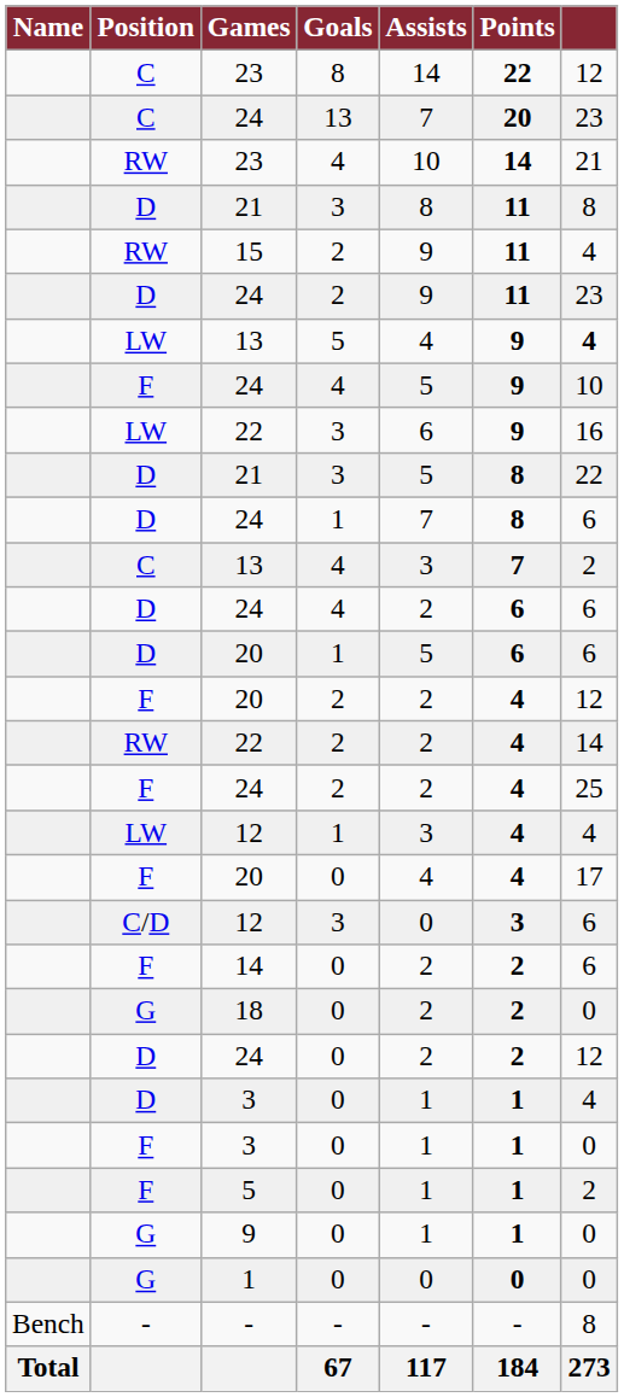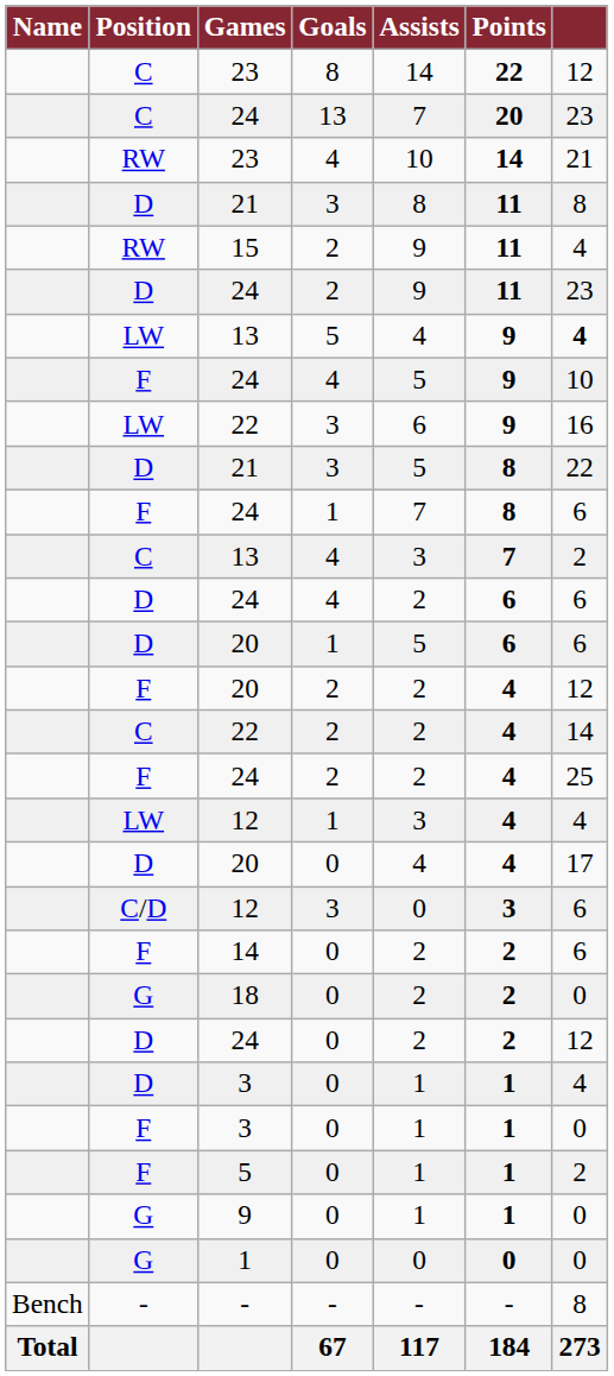 <table class="wikitable sortable" width ="50%">
 <tr align="center">
 <th style="color:white; background:#862633; ">Name</th>
 <th style="color:white; background:#862633; ">Position</th>
 <th style="color:white; background:#862633; ">Games</th>
 <th style="color:white; background:#862633; ">Goals</th>
 <th style="color:white; background:#862633; ">Assists</th>
 <th style="color:white; background:#862633; ">Points</th>
 <th style="color:white; background:#862633; "><a href='#'></a></th>
 </tr>
 <tr align="center" bgcolor="">
 <td></td>
 <td><a href='#'>C</a></td>
 <td>23</td>
 <td>8</td>
 <td>14</td>
 <td><strong>22</strong></td>
 <td>12</td>
 </tr>
 <tr align="center" bgcolor="f0f0f0">
 <td></td>
 <td><a href='#'>C</a></td>
 <td>24</td>
 <td>13</td>
 <td>7</td>
 <td><strong>20</strong></td>
 <td>23</td>
 </tr>
 <tr align="center" bgcolor="">
 <td></td>
 <td><a href='#'>RW</a></td>
 <td>23</td>
 <td>4</td>
 <td>10</td>
 <td><strong>14</strong></td>
 <td>21</td>
 </tr>
 <tr align="center" bgcolor="f0f0f0">
 <td></td>
 <td><a href='#'>D</a></td>
 <td>21</td>
 <td>3</td>
 <td>8</td>
 <td><strong>11</strong></td>
 <td>8</td>
 </tr>
 <tr align="center" bgcolor="">
 <td></td>
 <td><a href='#'>RW</a></td>
 <td>15</td>
 <td>2</td>
 <td>9</td>
 <td><strong>11</strong></td>
 <td>4</td>
 </tr>
 <tr align="center" bgcolor="f0f0f0">
 <td></td>
 <td><a href='#'>D</a></td>
 <td>24</td>
 <td>2</td>
 <td>9</td>
 <td><strong>11</strong></td>
 <td>23</td>
 </tr>
 <tr align="center" bgcolor="">
 <td></td>
 <td><a href='#'>LW</a></td>
 <td>13</td>
 <td>5</td>
 <td>4</td>
 <td><strong>9</strong></td>
 <td><strong>4</strong></td>
 </tr>
 <tr align="center" bgcolor="f0f0f0">
 <td></td>
 <td><a href='#'>F</a></td>
 <td>24</td>
 <td>4</td>
 <td>5</td>
 <td><strong>9</strong></td>
 <td>10</td>
 </tr>
 <tr align="center" bgcolor="">
 <td></td>
 <td><a href='#'>LW</a></td>
 <td>22</td>
 <td>3</td>
 <td>6</td>
 <td><strong>9</strong></td>
 <td>16</td>
 </tr>
 <tr align="center" bgcolor="f0f0f0">
 <td></td>
 <td><a href='#'>D</a></td>
 <td>21</td>
 <td>3</td>
 <td>5</td>
 <td><strong>8</strong></td>
 <td>22</td>
 </tr>
 <tr align="center" bgcolor="">
 <td></td>
-<td><a href='#'>D</a></td>
+<td><a href='#'>F</a></td>
 <td>24</td>
 <td>1</td>
 <td>7</td>
 <td><strong>8</strong></td>
 <td>6</td>
 </tr>
 <tr align="center" bgcolor="f0f0f0">
 <td></td>
 <td><a href='#'>C</a></td>
 <td>13</td>
 <td>4</td>
 <td>3</td>
 <td><strong>7</strong></td>
 <td>2</td>
 </tr>
 <tr align="center" bgcolor="">
 <td></td>
 <td><a href='#'>D</a></td>
 <td>24</td>
 <td>4</td>
 <td>2</td>
 <td><strong>6</strong></td>
 <td>6</td>
 </tr>
 <tr align="center" bgcolor="f0f0f0">
 <td></td>
 <td><a href='#'>D</a></td>
 <td>20</td>
 <td>1</td>
 <td>5</td>
 <td><strong>6</strong></td>
 <td>6</td>
 </tr>
 <tr align="center" bgcolor="">
 <td></td>
 <td><a href='#'>F</a></td>
 <td>20</td>
 <td>2</td>
 <td>2</td>
 <td><strong>4</strong></td>
 <td>12</td>
 </tr>
 <tr align="center" bgcolor="f0f0f0">
 <td></td>
-<td><a href='#'>RW</a></td>
+<td><a href='#'>C</a></td>
 <td>22</td>
 <td>2</td>
 <td>2</td>
 <td><strong>4</strong></td>
 <td>14</td>
 </tr>
 <tr align="center" bgcolor="">
 <td></td>
 <td><a href='#'>F</a></td>
 <td>24</td>
 <td>2</td>
 <td>2</td>
 <td><strong>4</strong></td>
 <td>25</td>
 </tr>
 <tr align="center" bgcolor="f0f0f0">
 <td></td>
 <td><a href='#'>LW</a></td>
 <td>12</td>
 <td>1</td>
 <td>3</td>
 <td><strong>4</strong></td>
 <td>4</td>
 </tr>
 <tr align="center" bgcolor="">
 <td></td>
-<td><a href='#'>F</a></td>
+<td><a href='#'>D</a></td>
 <td>20</td>
 <td>0</td>
 <td>4</td>
 <td><strong>4</strong></td>
 <td>17</td>
 </tr>
 <tr align="center" bgcolor="f0f0f0">
 <td></td>
 <td><a href='#'>C</a>/<a href='#'>D</a></td>
 <td>12</td>
 <td>3</td>
 <td>0</td>
 <td><strong>3</strong></td>
 <td>6</td>
 </tr>
 <tr align="center" bgcolor="">
 <td></td>
 <td><a href='#'>F</a></td>
 <td>14</td>
 <td>0</td>
 <td>2</td>
 <td><strong>2</strong></td>
 <td>6</td>
 </tr>
 <tr align="center" bgcolor="f0f0f0">
 <td></td>
 <td><a href='#'>G</a></td>
 <td>18</td>
 <td>0</td>
 <td>2</td>
 <td><strong>2</strong></td>
 <td>0</td>
 </tr>
 <tr align="center" bgcolor="">
 <td></td>
 <td><a href='#'>D</a></td>
 <td>24</td>
 <td>0</td>
 <td>2</td>
 <td><strong>2</strong></td>
 <td>12</td>
 </tr>
 <tr align="center" bgcolor="f0f0f0">
 <td></td>
 <td><a href='#'>D</a></td>
 <td>3</td>
 <td>0</td>
 <td>1</td>
 <td><strong>1</strong></td>
 <td>4</td>
 </tr>
 <tr align="center" bgcolor="">
 <td></td>
 <td><a href='#'>F</a></td>
 <td>3</td>
 <td>0</td>
 <td>1</td>
 <td><strong>1</strong></td>
 <td>0</td>
 </tr>
 <tr align="center" bgcolor="f0f0f0">
 <td></td>
 <td><a href='#'>F</a></td>
 <td>5</td>
 <td>0</td>
 <td>1</td>
 <td><strong>1</strong></td>
 <td>2</td>
 </tr>
 <tr align="center" bgcolor="">
 <td></td>
 <td><a href='#'>G</a></td>
 <td>9</td>
 <td>0</td>
 <td>1</td>
 <td><strong>1</strong></td>
 <td>0</td>
 </tr>
 <tr align="center" bgcolor="f0f0f0">
 <td></td>
 <td><a href='#'>G</a></td>
 <td>1</td>
 <td>0</td>
 <td>0</td>
 <td><strong>0</strong></td>
 <td>0</td>
 </tr>
 <tr align="center" bgcolor="">
 <td>Bench</td>
 <td>-</td>
 <td>-</td>
 <td>-</td>
 <td>-</td>
 <td>-</td>
 <td>8</td>
 </tr>
 <tr>
 <th>Total</th>
 <th></th>
 <th></th>
 <th>67</th>
 <th>117</th>
 <th>184</th>
 <th>273</th>
 </tr>
 </table>
